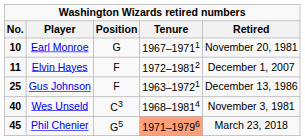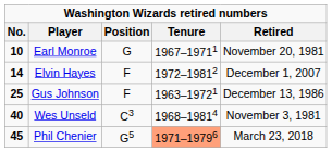 <table class="wikitable sortable" style="text-align:center">
 <tr>
 <td colspan="5"><strong>Washington Wizards retired numbers</strong></td>
 </tr>
 <tr>
 <th>No.</th>
 <th>Player</th>
 <th>Position</th>
 <th>Tenure</th>
 <th>Retired</th>
 </tr>
 <tr>
 <td><strong>10</strong></td>
 <td><a href='#'>Earl Monroe</a></td>
 <td>G</td>
 <td>1967–1971<sup>1</sup></td>
 <td>November 20, 1981</td>
 </tr>
 <tr>
-<td><strong>11</strong></td>
+<td><strong>14</strong></td>
 <td><a href='#'>Elvin Hayes</a></td>
 <td>F</td>
 <td>1972–1981<sup>2</sup></td>
 <td>December 1, 2007</td>
 </tr>
 <tr>
 <td><strong>25</strong></td>
 <td><a href='#'>Gus Johnson</a></td>
 <td>F</td>
 <td>1963–1972<sup>1</sup></td>
 <td>December 13, 1986</td>
 </tr>
 <tr>
 <td><strong>40</strong></td>
 <td><a href='#'>Wes Unseld</a></td>
 <td>C<sup>3</sup></td>
 <td>1968–1981<sup>4</sup></td>
 <td>November 3, 1981</td>
 </tr>
 <tr>
 <td><strong>45</strong></td>
 <td><a href='#'>Phil Chenier</a></td>
 <td>G<sup>5</sup></td>
 <td style="background: lightsalmon;">1971–1979<sup>6</sup></td>
 <td>March 23, 2018</td>
 </tr>
 </table>
